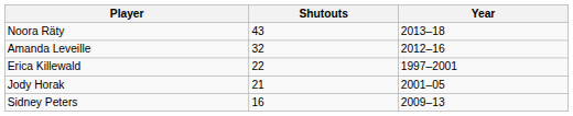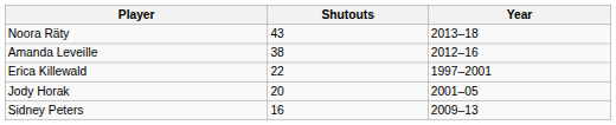 <table class="wikitable" style="width: 50em">
 <tr>
 <th>Player</th>
 <th>Shutouts</th>
 <th>Year</th>
 </tr>
 <tr>
 <td>Noora Räty</td>
 <td>43</td>
 <td>2013–18</td>
 </tr>
 <tr>
 <td>Amanda Leveille</td>
-<td>32</td>
+<td>38</td>
 <td>2012–16</td>
 </tr>
 <tr>
 <td>Erica Killewald</td>
 <td>22</td>
 <td>1997–2001</td>
 </tr>
 <tr>
 <td>Jody Horak</td>
-<td>21</td>
+<td>20</td>
 <td>2001–05</td>
 </tr>
 <tr>
 <td>Sidney Peters</td>
 <td>16</td>
 <td>2009–13</td>
 </tr>
 </table>
